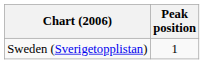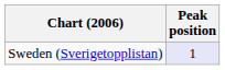 <table class="wikitable">
 <tr>
 <th>Chart (2006)</th>
 <th>Peak<br>position</th>
 </tr>
 <tr>
 <td>Sweden (<a href='#'>Sverigetopplistan</a>)</td>
-<td align="center">1</td>
+<td align="center" style="background: lavender;">1</td>
 </tr>
 </table>
